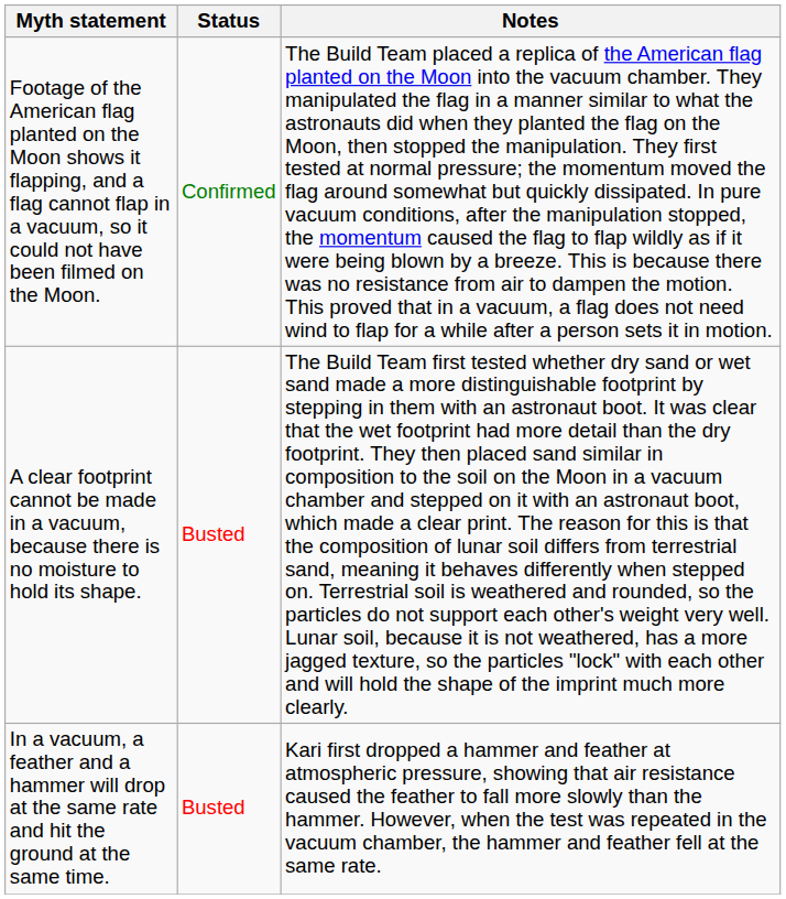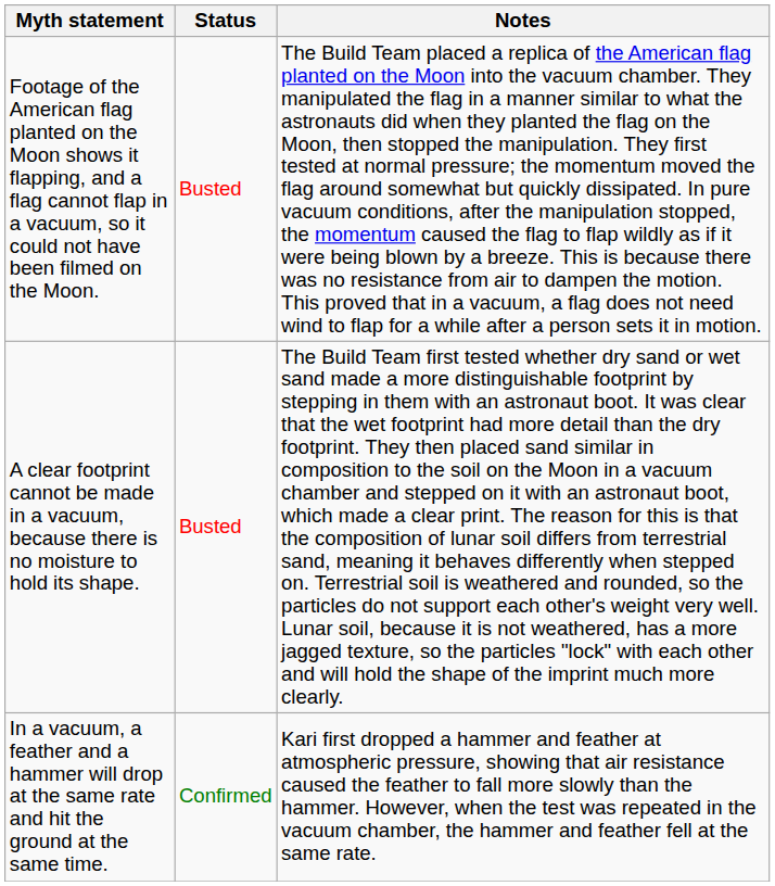 <table class="wikitable plainrowheaders">
 <tr>
 <th>Myth statement</th>
 <th>Status</th>
 <th>Notes</th>
 </tr>
 <tr>
 <td>Footage of the American flag planted on the Moon shows it flapping, and a flag cannot flap in a vacuum, so it could not have been filmed on the Moon.</td>
-<td style="color:green">Confirmed</td>
+<td style="color:red">Busted</td>
 <td>The Build Team placed a replica of <a href='#'>the American flag planted on the Moon</a> into the vacuum chamber. They manipulated the flag in a manner similar to what the astronauts did when they planted the flag on the Moon, then stopped the manipulation. They first tested at normal pressure; the momentum moved the flag around somewhat but quickly dissipated. In pure vacuum conditions, after the manipulation stopped, the <a href='#'>momentum</a> caused the flag to flap wildly as if it were being blown by a breeze. This is because there was no resistance from air to dampen the motion. This proved that in a vacuum, a flag does not need wind to flap for a while after a person sets it in motion.</td>
 </tr>
 <tr>
 <td>A clear footprint cannot be made in a vacuum, because there is no moisture to hold its shape.</td>
 <td style="color:red">Busted</td>
 <td>The Build Team first tested whether dry sand or wet sand made a more distinguishable footprint by stepping in them with an astronaut boot. It was clear that the wet footprint had more detail than the dry footprint. They then placed sand similar in composition to the soil on the Moon in a vacuum chamber and stepped on it with an astronaut boot, which made a clear print. The reason for this is that the composition of lunar soil differs from terrestrial sand, meaning it behaves differently when stepped on. Terrestrial soil is weathered and rounded, so the particles do not support each other's weight very well. Lunar soil, because it is not weathered, has a more jagged texture, so the particles "lock" with each other and will hold the shape of the imprint much more clearly.</td>
 </tr>
 <tr>
 <td>In a vacuum, a feather and a hammer will drop at the same rate and hit the ground at the same time.</td>
-<td style="color:red">Busted</td>
+<td style="color:green">Confirmed</td>
 <td>Kari first dropped a hammer and feather at atmospheric pressure, showing that air resistance caused the feather to fall more slowly than the hammer. However, when the test was repeated in the vacuum chamber, the hammer and feather fell at the same rate.</td>
 </tr>
 </table>
